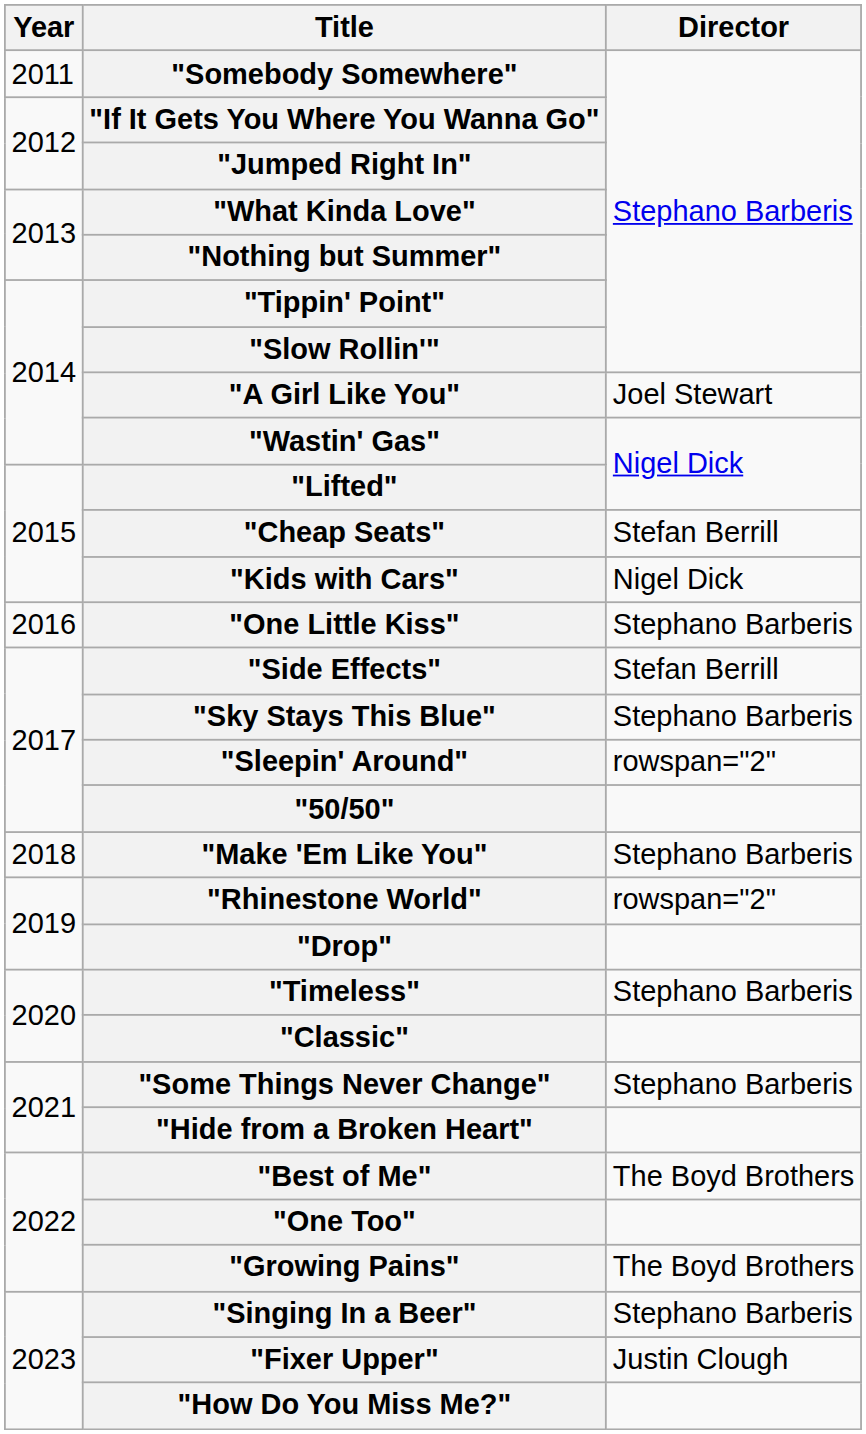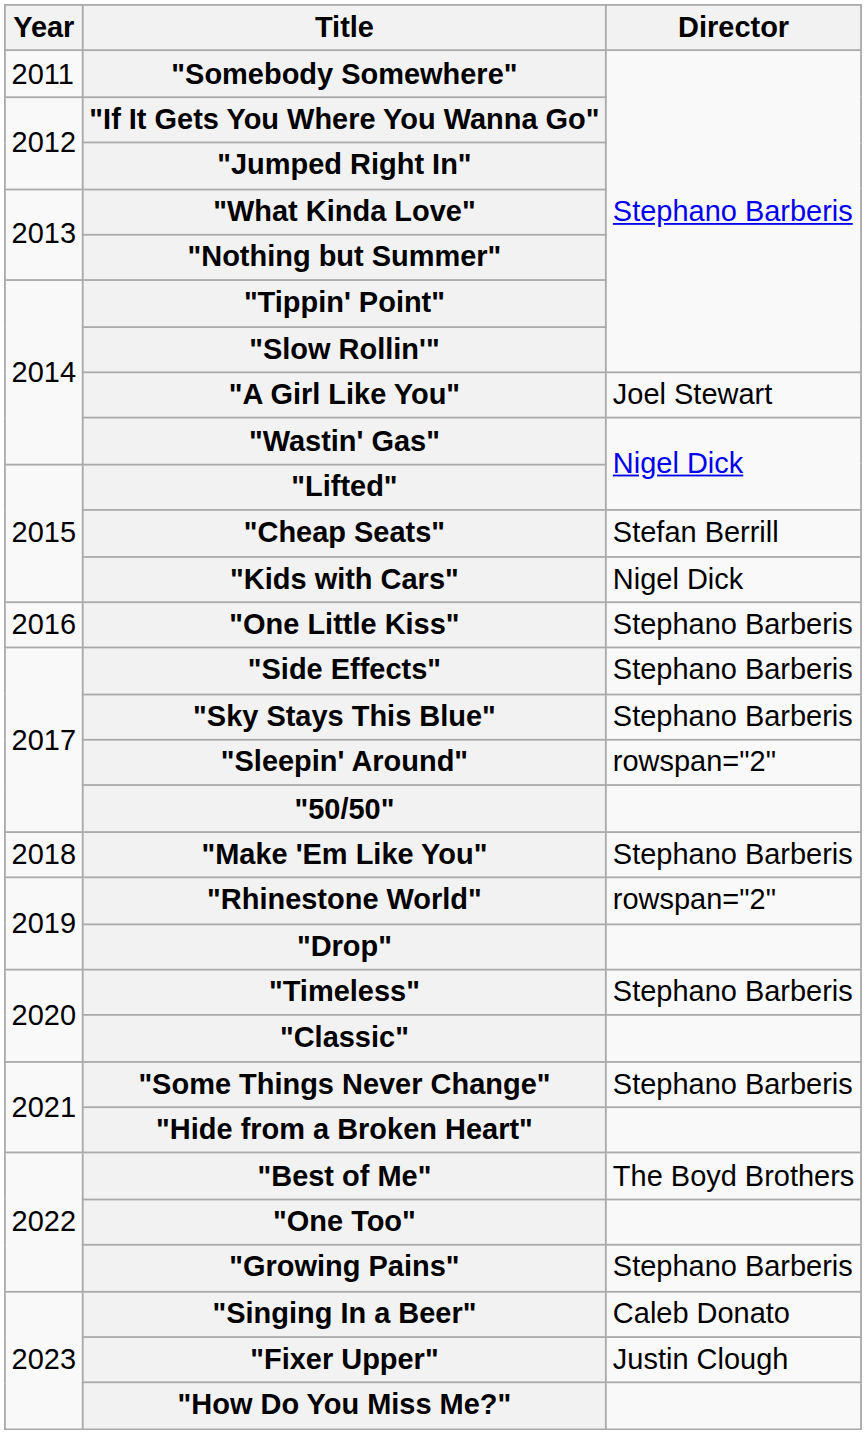 <table class="wikitable plainrowheaders">
 <tr>
 <th scope="col">Year</th>
 <th scope="col">Title</th>
 <th scope="col">Director</th>
 </tr>
 <tr>
 <td>2011</td>
 <th scope="row">"Somebody Somewhere"</th>
 <td rowspan="7"><a href='#'>Stephano Barberis</a></td>
 </tr>
 <tr>
 <td rowspan="2">2012</td>
 <th scope="row">"If It Gets You Where You Wanna Go"</th>
 </tr>
 <tr>
 <th scope="row">"Jumped Right In"</th>
 </tr>
 <tr>
 <td rowspan="2">2013</td>
 <th scope="row">"What Kinda Love"</th>
 </tr>
 <tr>
 <th scope="row">"Nothing but Summer"</th>
 </tr>
 <tr>
 <td rowspan="4">2014</td>
 <th scope="row">"Tippin' Point"</th>
 </tr>
 <tr>
 <th scope="row">"Slow Rollin'"</th>
 </tr>
 <tr>
 <th scope="row">"A Girl Like You" </th>
 <td>Joel Stewart</td>
 </tr>
 <tr>
 <th scope="row">"Wastin' Gas"</th>
 <td rowspan="2"><a href='#'>Nigel Dick</a></td>
 </tr>
 <tr>
 <td rowspan="3">2015</td>
 <th scope="row">"Lifted"</th>
 </tr>
 <tr>
 <th scope="row">"Cheap Seats"</th>
 <td>Stefan Berrill</td>
 </tr>
 <tr>
 <th scope="row">"Kids with Cars"</th>
 <td>Nigel Dick</td>
 </tr>
 <tr>
 <td>2016</td>
 <th scope="row">"One Little Kiss"</th>
 <td>Stephano Barberis</td>
 </tr>
 <tr>
 <td rowspan="4">2017</td>
 <th scope="row">"Side Effects"</th>
-<td>Stefan Berrill</td>
+<td>Stephano Barberis</td>
 </tr>
 <tr>
 <th scope="row">"Sky Stays This Blue"</th>
 <td>Stephano Barberis</td>
 </tr>
 <tr>
 <th scope="row">"Sleepin' Around"</th>
 <td>rowspan="2" </td>
 </tr>
 <tr>
 <th scope="row">"50/50"</th>
 </tr>
 <tr>
 <td>2018</td>
 <th scope="row">"Make 'Em Like You"</th>
 <td>Stephano Barberis</td>
 </tr>
 <tr>
 <td rowspan="2">2019</td>
 <th scope="row">"Rhinestone World"</th>
 <td>rowspan="2" </td>
 </tr>
 <tr>
 <th scope="row">"Drop"</th>
 </tr>
 <tr>
 <td rowspan="2">2020</td>
 <th scope="row">"Timeless"</th>
 <td>Stephano Barberis</td>
 </tr>
 <tr>
 <th scope="row">"Classic"</th>
 <td></td>
 </tr>
 <tr>
 <td rowspan="2">2021</td>
 <th scope="row">"Some Things Never Change"</th>
 <td>Stephano Barberis</td>
 </tr>
 <tr>
 <th scope="row">"Hide from a Broken Heart"</th>
 <td></td>
 </tr>
 <tr>
 <td rowspan="3">2022</td>
 <th scope="row">"Best of Me"<br></th>
 <td>The Boyd Brothers</td>
 </tr>
 <tr>
 <th scope="row">"One Too"<br></th>
 <td></td>
 </tr>
 <tr>
 <th scope="row">"Growing Pains"<br></th>
-<td>The Boyd Brothers</td>
+<td>Stephano Barberis</td>
 </tr>
 <tr>
 <td rowspan="3">2023</td>
 <th scope="row">"Singing In a Beer"</th>
-<td>Stephano Barberis</td>
+<td>Caleb Donato</td>
 </tr>
 <tr>
 <th scope="row">"Fixer Upper"</th>
 <td>Justin Clough</td>
 </tr>
 <tr>
 <th scope="row">"How Do You Miss Me?"</th>
 <td></td>
 </tr>
 </table>
